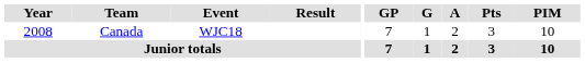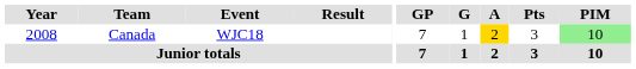 <table border="0" cellpadding="1" cellspacing="0" ID="Table3" style="text-align:center; width:40em">
 <tr ALIGN="center" bgcolor="#e0e0e0">
 <th>Year</th>
 <th>Team</th>
 <th>Event</th>
 <th>Result</th>
 <th rowspan="99" bgcolor="#ffffff"></th>
 <th>GP</th>
 <th>G</th>
 <th>A</th>
 <th>Pts</th>
 <th>PIM</th>
 </tr>
 <tr>
 <td><a href='#'>2008</a></td>
 <td><a href='#'>Canada</a></td>
 <td><a href='#'>WJC18</a></td>
 <td></td>
 <td>7</td>
 <td>1</td>
-<td>2</td>
+<td style="background: gold;">2</td>
 <td>3</td>
-<td>10</td>
+<td style="background: lightgreen;">10</td>
 </tr>
 <tr bgcolor="#e0e0e0">
 <th colspan="4">Junior totals</th>
 <th>7</th>
 <th>1</th>
 <th>2</th>
 <th>3</th>
 <th>10</th>
 </tr>
 </table>
